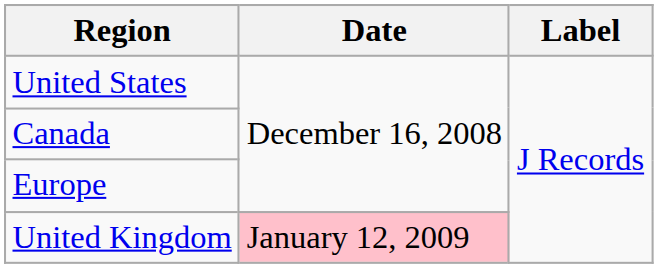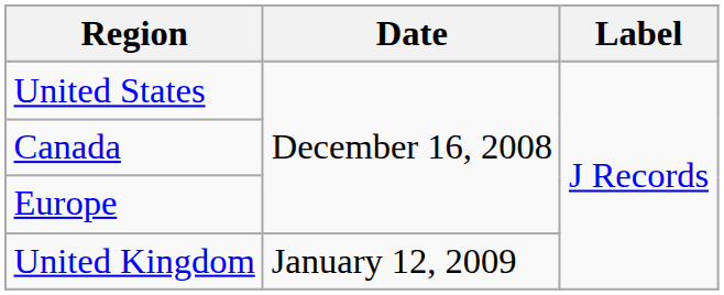 <table class="wikitable">
 <tr>
 <th style="text-align:center;">Region</th>
 <th style="text-align:center;">Date</th>
 <th style="text-align:center;">Label</th>
 </tr>
 <tr>
 <td><a href='#'>United States</a></td>
 <td rowspan="3">December 16, 2008</td>
 <td rowspan="4"><a href='#'>J Records</a></td>
 </tr>
 <tr>
 <td><a href='#'>Canada</a></td>
 </tr>
 <tr>
 <td><a href='#'>Europe</a></td>
 </tr>
 <tr>
 <td><a href='#'>United Kingdom</a></td>
-<td style="background: pink;">January 12, 2009</td>
+<td>January 12, 2009</td>
 </tr>
 </table>
